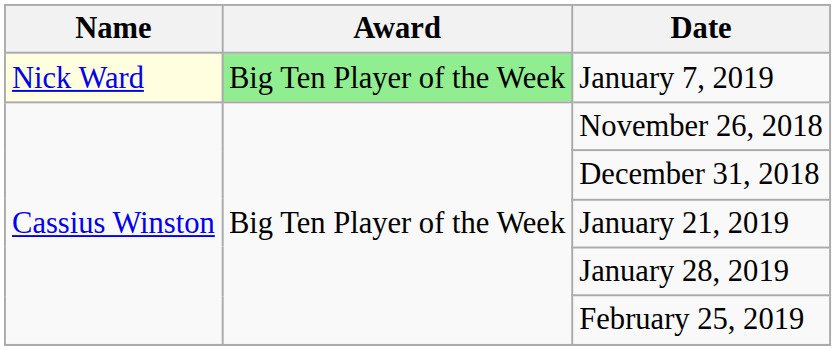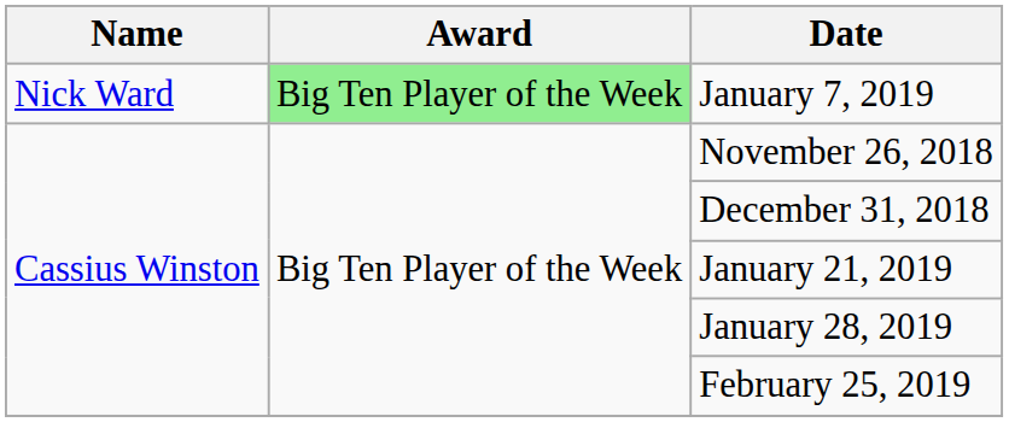 <table class=wikitable "border="1">
 <tr>
 <th>Name</th>
 <th>Award</th>
 <th>Date</th>
 </tr>
 <tr>
-<td style="background: lightyellow;"><a href='#'>Nick Ward</a></td>
+<td><a href='#'>Nick Ward</a></td>
 <td style="background: lightgreen;">Big Ten Player of the Week</td>
 <td>January 7, 2019</td>
 </tr>
 <tr>
 <td rowspan=5><a href='#'>Cassius Winston</a></td>
 <td rowspan=5>Big Ten Player of the Week</td>
 <td>November 26, 2018</td>
 </tr>
 <tr>
 <td>December 31, 2018</td>
 </tr>
 <tr>
 <td>January 21, 2019</td>
 </tr>
 <tr>
 <td>January 28, 2019</td>
 </tr>
 <tr>
 <td>February 25, 2019</td>
 </tr>
 <tr>
 </tr>
 </table>
